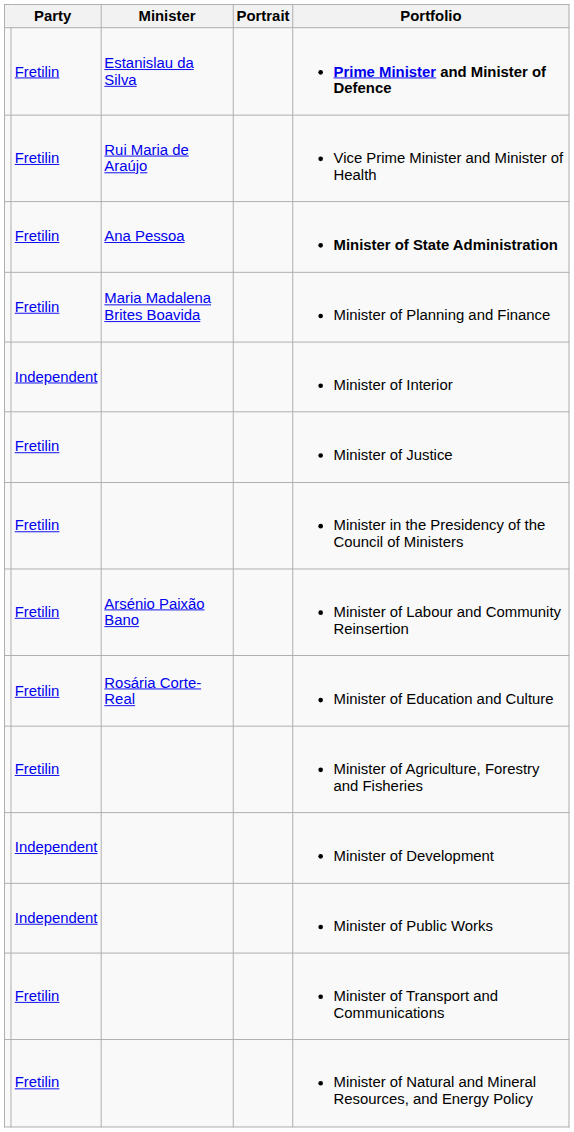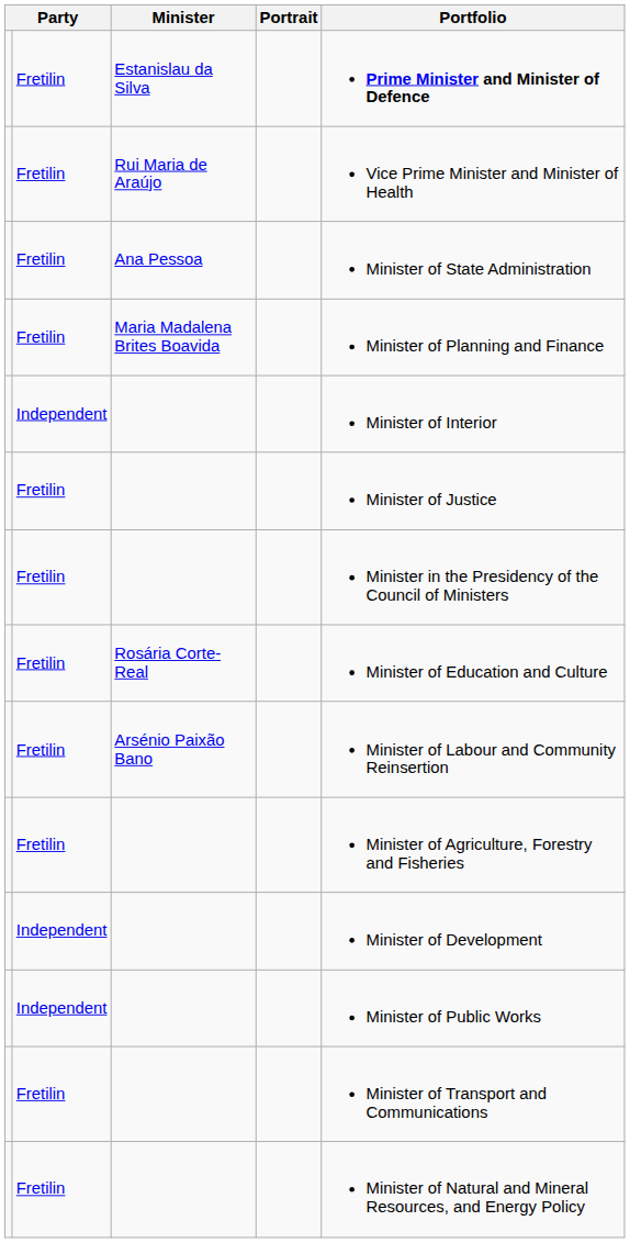 <table class="wikitable sortable">
 <tr>
 <th colspan="2">Party</th>
 <th>Minister</th>
 <th>Portrait</th>
 <th>Portfolio</th>
 </tr>
 <tr>
 <td style="background:"></td>
 <td><a href='#'>Fretilin</a></td>
 <td><a href='#'>Estanislau da Silva</a></td>
 <td></td>
 <td><strong><br><ul><li><a href='#'>Prime Minister</a> and Minister of Defence</li></ul></strong></td>
 </tr>
 <tr>
 <td style="background:"></td>
 <td><a href='#'>Fretilin</a></td>
 <td><a href='#'>Rui Maria de Araújo</a></td>
 <td></td>
 <td><br><ul><li>Vice Prime Minister and Minister of Health</li></ul></td>
 </tr>
 <tr>
 <td style="background:"></td>
 <td><a href='#'>Fretilin</a></td>
 <td><a href='#'>Ana Pessoa</a></td>
 <td></td>
-<td><strong><br><ul><li>Minister of State Administration</li></ul></strong></td>
+<td><br><ul><li>Minister of State Administration</li></ul></td>
 </tr>
 <tr>
 <td style="background:"></td>
 <td><a href='#'>Fretilin</a></td>
 <td><a href='#'>Maria Madalena Brites Boavida</a></td>
 <td></td>
 <td><br><ul><li>Minister of Planning and Finance</li></ul></td>
 </tr>
 <tr>
 <td style="background:"></td>
 <td><a href='#'>Independent</a></td>
 <td></td>
 <td></td>
 <td><br><ul><li>Minister of Interior</li></ul></td>
 </tr>
 <tr>
 <td style="background:"></td>
 <td><a href='#'>Fretilin</a></td>
 <td></td>
 <td></td>
 <td><br><ul><li>Minister of Justice</li></ul></td>
 </tr>
 <tr>
 <td style="background:"></td>
 <td><a href='#'>Fretilin</a></td>
 <td></td>
 <td></td>
 <td><br><ul><li>Minister in the Presidency of the Council of Ministers</li></ul></td>
 </tr>
 <tr>
 <td style="background:"></td>
 <td><a href='#'>Fretilin</a></td>
-<td><a href='#'>Arsénio Paixão Bano</a></td>
+<td><a href='#'>Rosária Corte-Real</a></td>
 <td></td>
-<td><br><ul><li>Minister of Labour and Community Reinsertion</li></ul></td>
+<td><br><ul><li>Minister of Education and Culture</li></ul></td>
 </tr>
 <tr>
 <td style="background:"></td>
 <td><a href='#'>Fretilin</a></td>
-<td><a href='#'>Rosária Corte-Real</a></td>
+<td><a href='#'>Arsénio Paixão Bano</a></td>
 <td></td>
-<td><br><ul><li>Minister of Education and Culture</li></ul></td>
+<td><br><ul><li>Minister of Labour and Community Reinsertion</li></ul></td>
 </tr>
 <tr>
 <td style="background:"></td>
 <td><a href='#'>Fretilin</a></td>
 <td></td>
 <td></td>
 <td><br><ul><li>Minister of Agriculture, Forestry and Fisheries</li></ul></td>
 </tr>
 <tr>
 <td style="background:"></td>
 <td><a href='#'>Independent</a></td>
 <td></td>
 <td></td>
 <td><br><ul><li>Minister of Development</li></ul></td>
 </tr>
 <tr>
 <td style="background:"></td>
 <td><a href='#'>Independent</a></td>
 <td></td>
 <td></td>
 <td><br><ul><li>Minister of Public Works</li></ul></td>
 </tr>
 <tr>
 <td style="background:"></td>
 <td><a href='#'>Fretilin</a></td>
 <td></td>
 <td></td>
 <td><br><ul><li>Minister of Transport and Communications</li></ul></td>
 </tr>
 <tr>
 <td style="background:"></td>
 <td><a href='#'>Fretilin</a></td>
 <td></td>
 <td></td>
 <td><br><ul><li>Minister of Natural and Mineral Resources, and Energy Policy</li></ul></td>
 </tr>
 </table>
